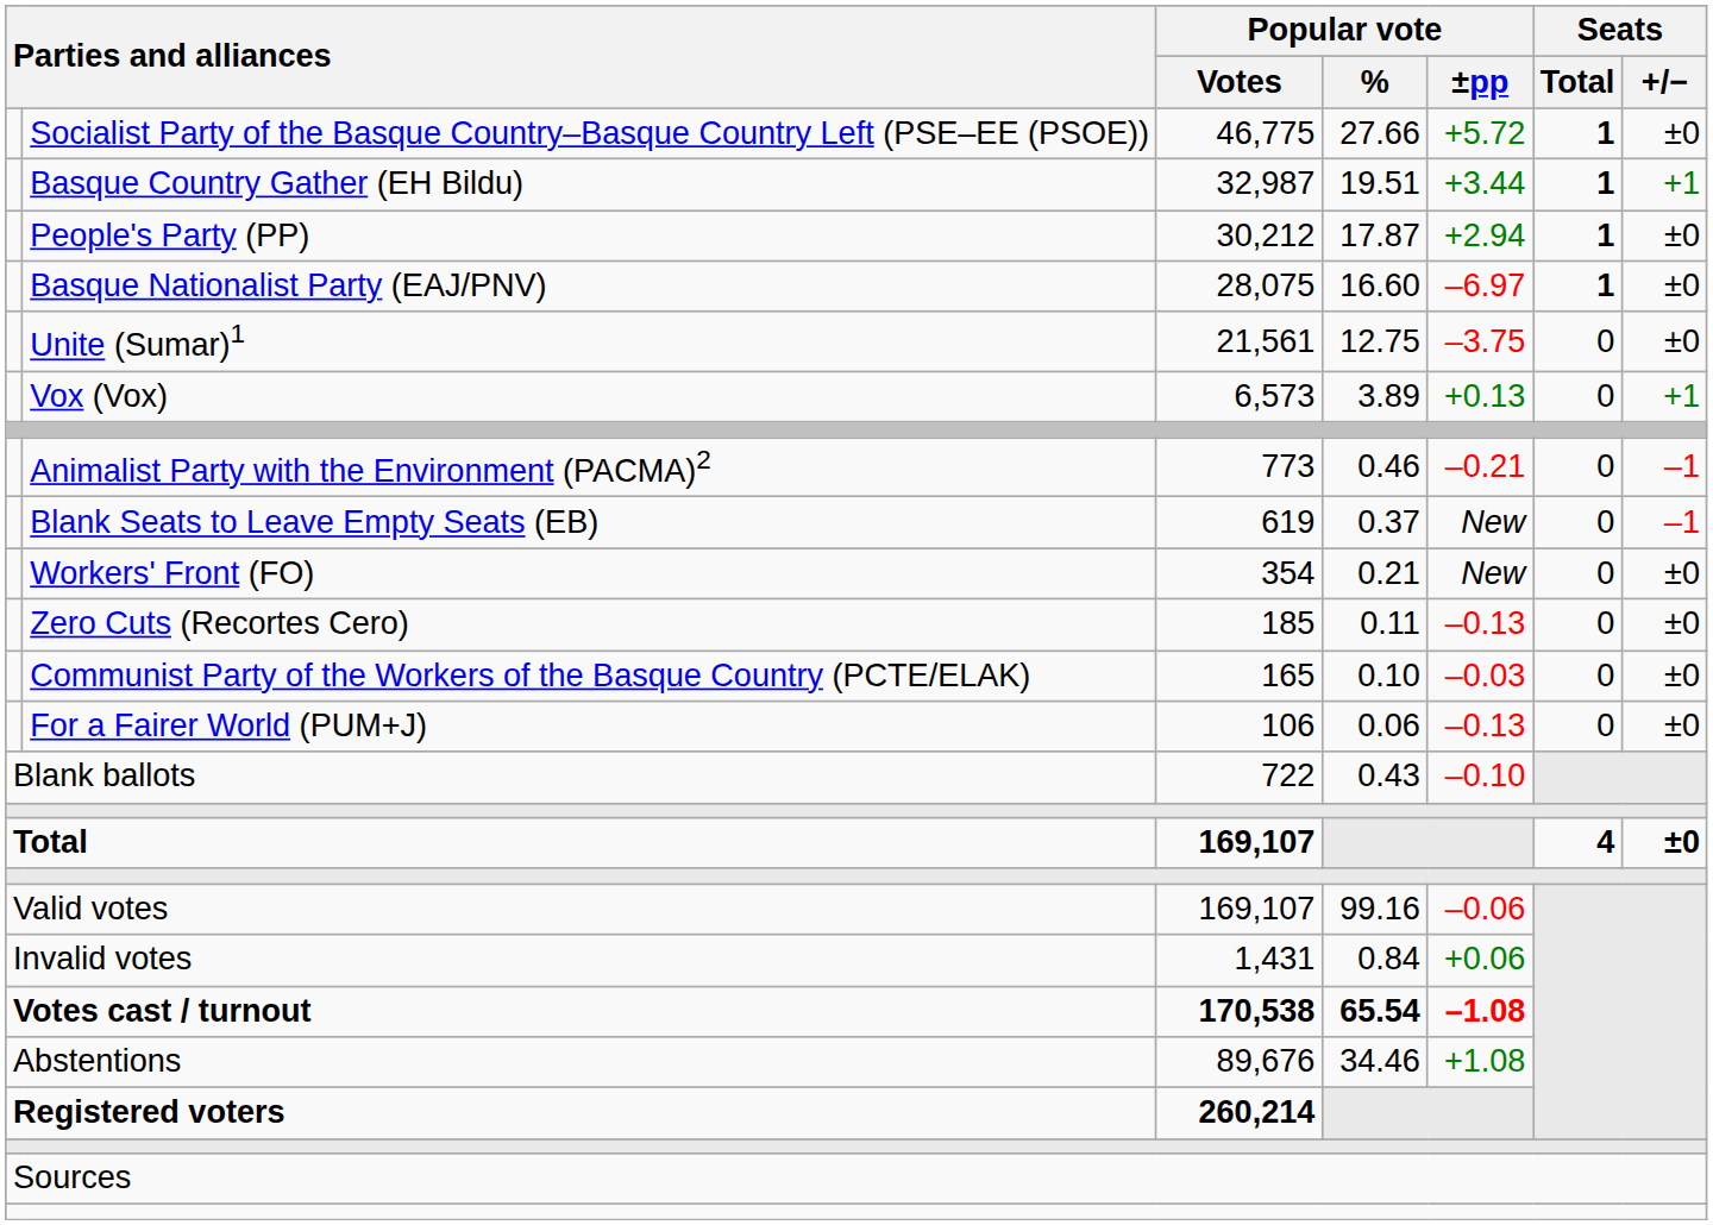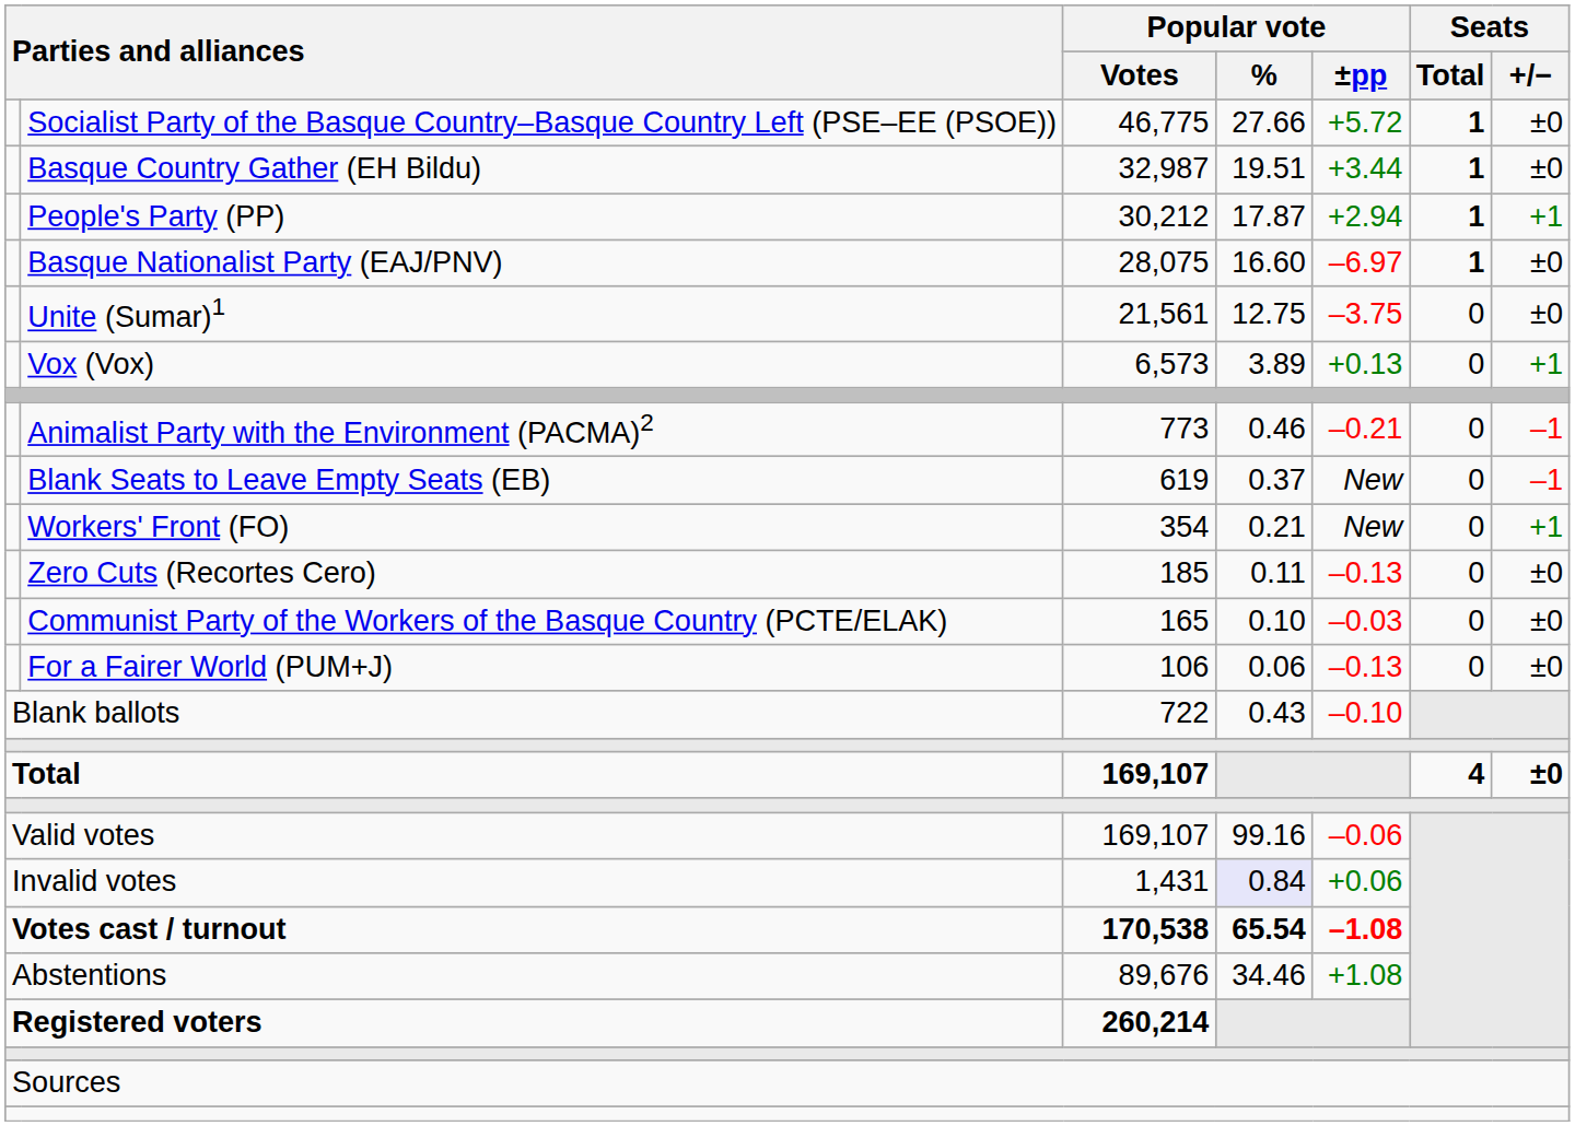 <table class="wikitable" style="text-align:right;">
 <tr>
 <th style="text-align:left;" rowspan="2" colspan="2" width="525">Parties and alliances</th>
 <th colspan="3">Popular vote</th>
 <th colspan="2">Seats</th>
 </tr>
 <tr>
 <th width="75">Votes</th>
 <th width="45">%</th>
 <th width="45">±<a href='#'>pp</a></th>
 <th width="35">Total</th>
 <th width="35">+/−</th>
 </tr>
 <tr>
 <td width="1" style="color:inherit;background:"></td>
 <td align="left"><a href='#'>Socialist Party of the Basque Country–Basque Country Left</a> (PSE–EE (PSOE))</td>
 <td>46,775</td>
 <td>27.66</td>
 <td style="color:green;">+5.72</td>
 <td><strong>1</strong></td>
 <td>±0</td>
 </tr>
 <tr>
 <td style="color:inherit;background:"></td>
 <td align="left"><a href='#'>Basque Country Gather</a> (EH Bildu)</td>
 <td>32,987</td>
 <td>19.51</td>
 <td style="color:green;">+3.44</td>
 <td><strong>1</strong></td>
-<td style="color:green;">+1</td>
+<td>±0</td>
 </tr>
 <tr>
 <td style="color:inherit;background:"></td>
 <td align="left"><a href='#'>People's Party</a> (PP)</td>
 <td>30,212</td>
 <td>17.87</td>
 <td style="color:green;">+2.94</td>
 <td><strong>1</strong></td>
-<td>±0</td>
+<td style="color:green;">+1</td>
 </tr>
 <tr>
 <td style="color:inherit;background:"></td>
 <td align="left"><a href='#'>Basque Nationalist Party</a> (EAJ/PNV)</td>
 <td>28,075</td>
 <td>16.60</td>
 <td style="color:red;">–6.97</td>
 <td><strong>1</strong></td>
 <td>±0</td>
 </tr>
 <tr>
 <td style="color:inherit;background:"></td>
 <td align="left"><a href='#'>Unite</a> (Sumar)<sup>1</sup></td>
 <td>21,561</td>
 <td>12.75</td>
 <td style="color:red;">–3.75</td>
 <td>0</td>
 <td>±0</td>
 </tr>
 <tr>
 <td style="color:inherit;background:"></td>
 <td align="left"><a href='#'>Vox</a> (Vox)</td>
 <td>6,573</td>
 <td>3.89</td>
 <td style="color:green;">+0.13</td>
 <td>0</td>
 <td style="color:green;">+1</td>
 </tr>
 <tr>
 <td colspan="7" bgcolor="#C0C0C0"></td>
 </tr>
 <tr>
 <td style="color:inherit;background:"></td>
 <td align="left"><a href='#'>Animalist Party with the Environment</a> (PACMA)<sup>2</sup></td>
 <td>773</td>
 <td>0.46</td>
 <td style="color:red;">–0.21</td>
 <td>0</td>
 <td style="color:red;">–1</td>
 </tr>
 <tr>
 <td style="color:inherit;background:"></td>
 <td align="left"><a href='#'>Blank Seats to Leave Empty Seats</a> (EB)</td>
 <td>619</td>
 <td>0.37</td>
 <td><em>New</em></td>
 <td>0</td>
 <td style="color:red;">–1</td>
 </tr>
 <tr>
 <td style="color:inherit;background:"></td>
 <td align="left"><a href='#'>Workers' Front</a> (FO)</td>
 <td>354</td>
 <td>0.21</td>
 <td><em>New</em></td>
 <td>0</td>
-<td>±0</td>
+<td style="color:green;">+1</td>
 </tr>
 <tr>
 <td style="color:inherit;background:"></td>
 <td align="left"><a href='#'>Zero Cuts</a> (Recortes Cero)</td>
 <td>185</td>
 <td>0.11</td>
 <td style="color:red;">–0.13</td>
 <td>0</td>
 <td>±0</td>
 </tr>
 <tr>
 <td style="color:inherit;background:"></td>
 <td align="left"><a href='#'>Communist Party of the Workers of the Basque Country</a> (PCTE/ELAK)</td>
 <td>165</td>
 <td>0.10</td>
 <td style="color:red;">–0.03</td>
 <td>0</td>
 <td>±0</td>
 </tr>
 <tr>
 <td style="color:inherit;background:"></td>
 <td align="left"><a href='#'>For a Fairer World</a> (PUM+J)</td>
 <td>106</td>
 <td>0.06</td>
 <td style="color:red;">–0.13</td>
 <td>0</td>
 <td>±0</td>
 </tr>
 <tr>
 <td align="left" colspan="2">Blank ballots</td>
 <td>722</td>
 <td>0.43</td>
 <td style="color:red;">–0.10</td>
 <td bgcolor="#E9E9E9" colspan="2"></td>
 </tr>
 <tr>
 <td colspan="7" bgcolor="#E9E9E9"></td>
 </tr>
 <tr style="font-weight:bold;">
 <td align="left" colspan="2">Total</td>
 <td>169,107</td>
 <td bgcolor="#E9E9E9" colspan="2"></td>
 <td>4</td>
 <td>±0</td>
 </tr>
 <tr>
 <td colspan="7" bgcolor="#E9E9E9"></td>
 </tr>
 <tr>
 <td align="left" colspan="2">Valid votes</td>
 <td>169,107</td>
 <td>99.16</td>
 <td style="color:red;">–0.06</td>
 <td bgcolor="#E9E9E9" colspan="2" rowspan="5"></td>
 </tr>
 <tr>
 <td align="left" colspan="2">Invalid votes</td>
 <td>1,431</td>
-<td>0.84</td>
+<td style="background: lavender;">0.84</td>
 <td style="color:green;">+0.06</td>
 </tr>
 <tr style="font-weight:bold;">
 <td align="left" colspan="2">Votes cast / turnout</td>
 <td>170,538</td>
 <td>65.54</td>
 <td style="color:red;">–1.08</td>
 </tr>
 <tr>
 <td align="left" colspan="2">Abstentions</td>
 <td>89,676</td>
 <td>34.46</td>
 <td style="color:green;">+1.08</td>
 </tr>
 <tr style="font-weight:bold;">
 <td align="left" colspan="2">Registered voters</td>
 <td>260,214</td>
 <td bgcolor="#E9E9E9" colspan="2"></td>
 </tr>
 <tr>
 <td colspan="7" bgcolor="#E9E9E9"></td>
 </tr>
 <tr>
 <td align="left" colspan="7">Sources</td>
 </tr>
 <tr>
 <td colspan="7" style="text-align:left; max-width:790px;"></td>
 </tr>
 </table>
